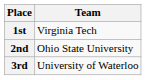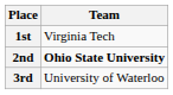 <table class="wikitable">
 <tr>
 <th>Place</th>
 <th>Team</th>
 </tr>
 <tr>
 <th>1st</th>
 <td>Virginia Tech</td>
 </tr>
 <tr>
 <th>2nd</th>
-<td>Ohio State University</td>
+<td><strong>Ohio State University</strong></td>
 </tr>
 <tr>
 <th>3rd</th>
 <td>University of Waterloo</td>
 </tr>
 </table>
